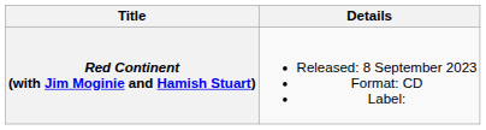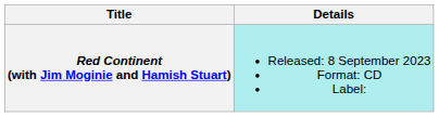 <table class="wikitable plainrowheaders" style="text-align:center;" border="1">
 <tr>
 <th>Title</th>
 <th>Details</th>
 </tr>
 <tr>
 <th scope="row"><em>Red Continent</em> <br>(with <a href='#'>Jim Moginie</a> and <a href='#'>Hamish Stuart</a>)</th>
-<td><br><ul><li>Released: 8 September 2023</li><li>Format: CD</li><li>Label:</li></ul></td>
+<td style="background: paleturquoise;"><br><ul><li>Released: 8 September 2023</li><li>Format: CD</li><li>Label:</li></ul></td>
 </tr>
 </table>
